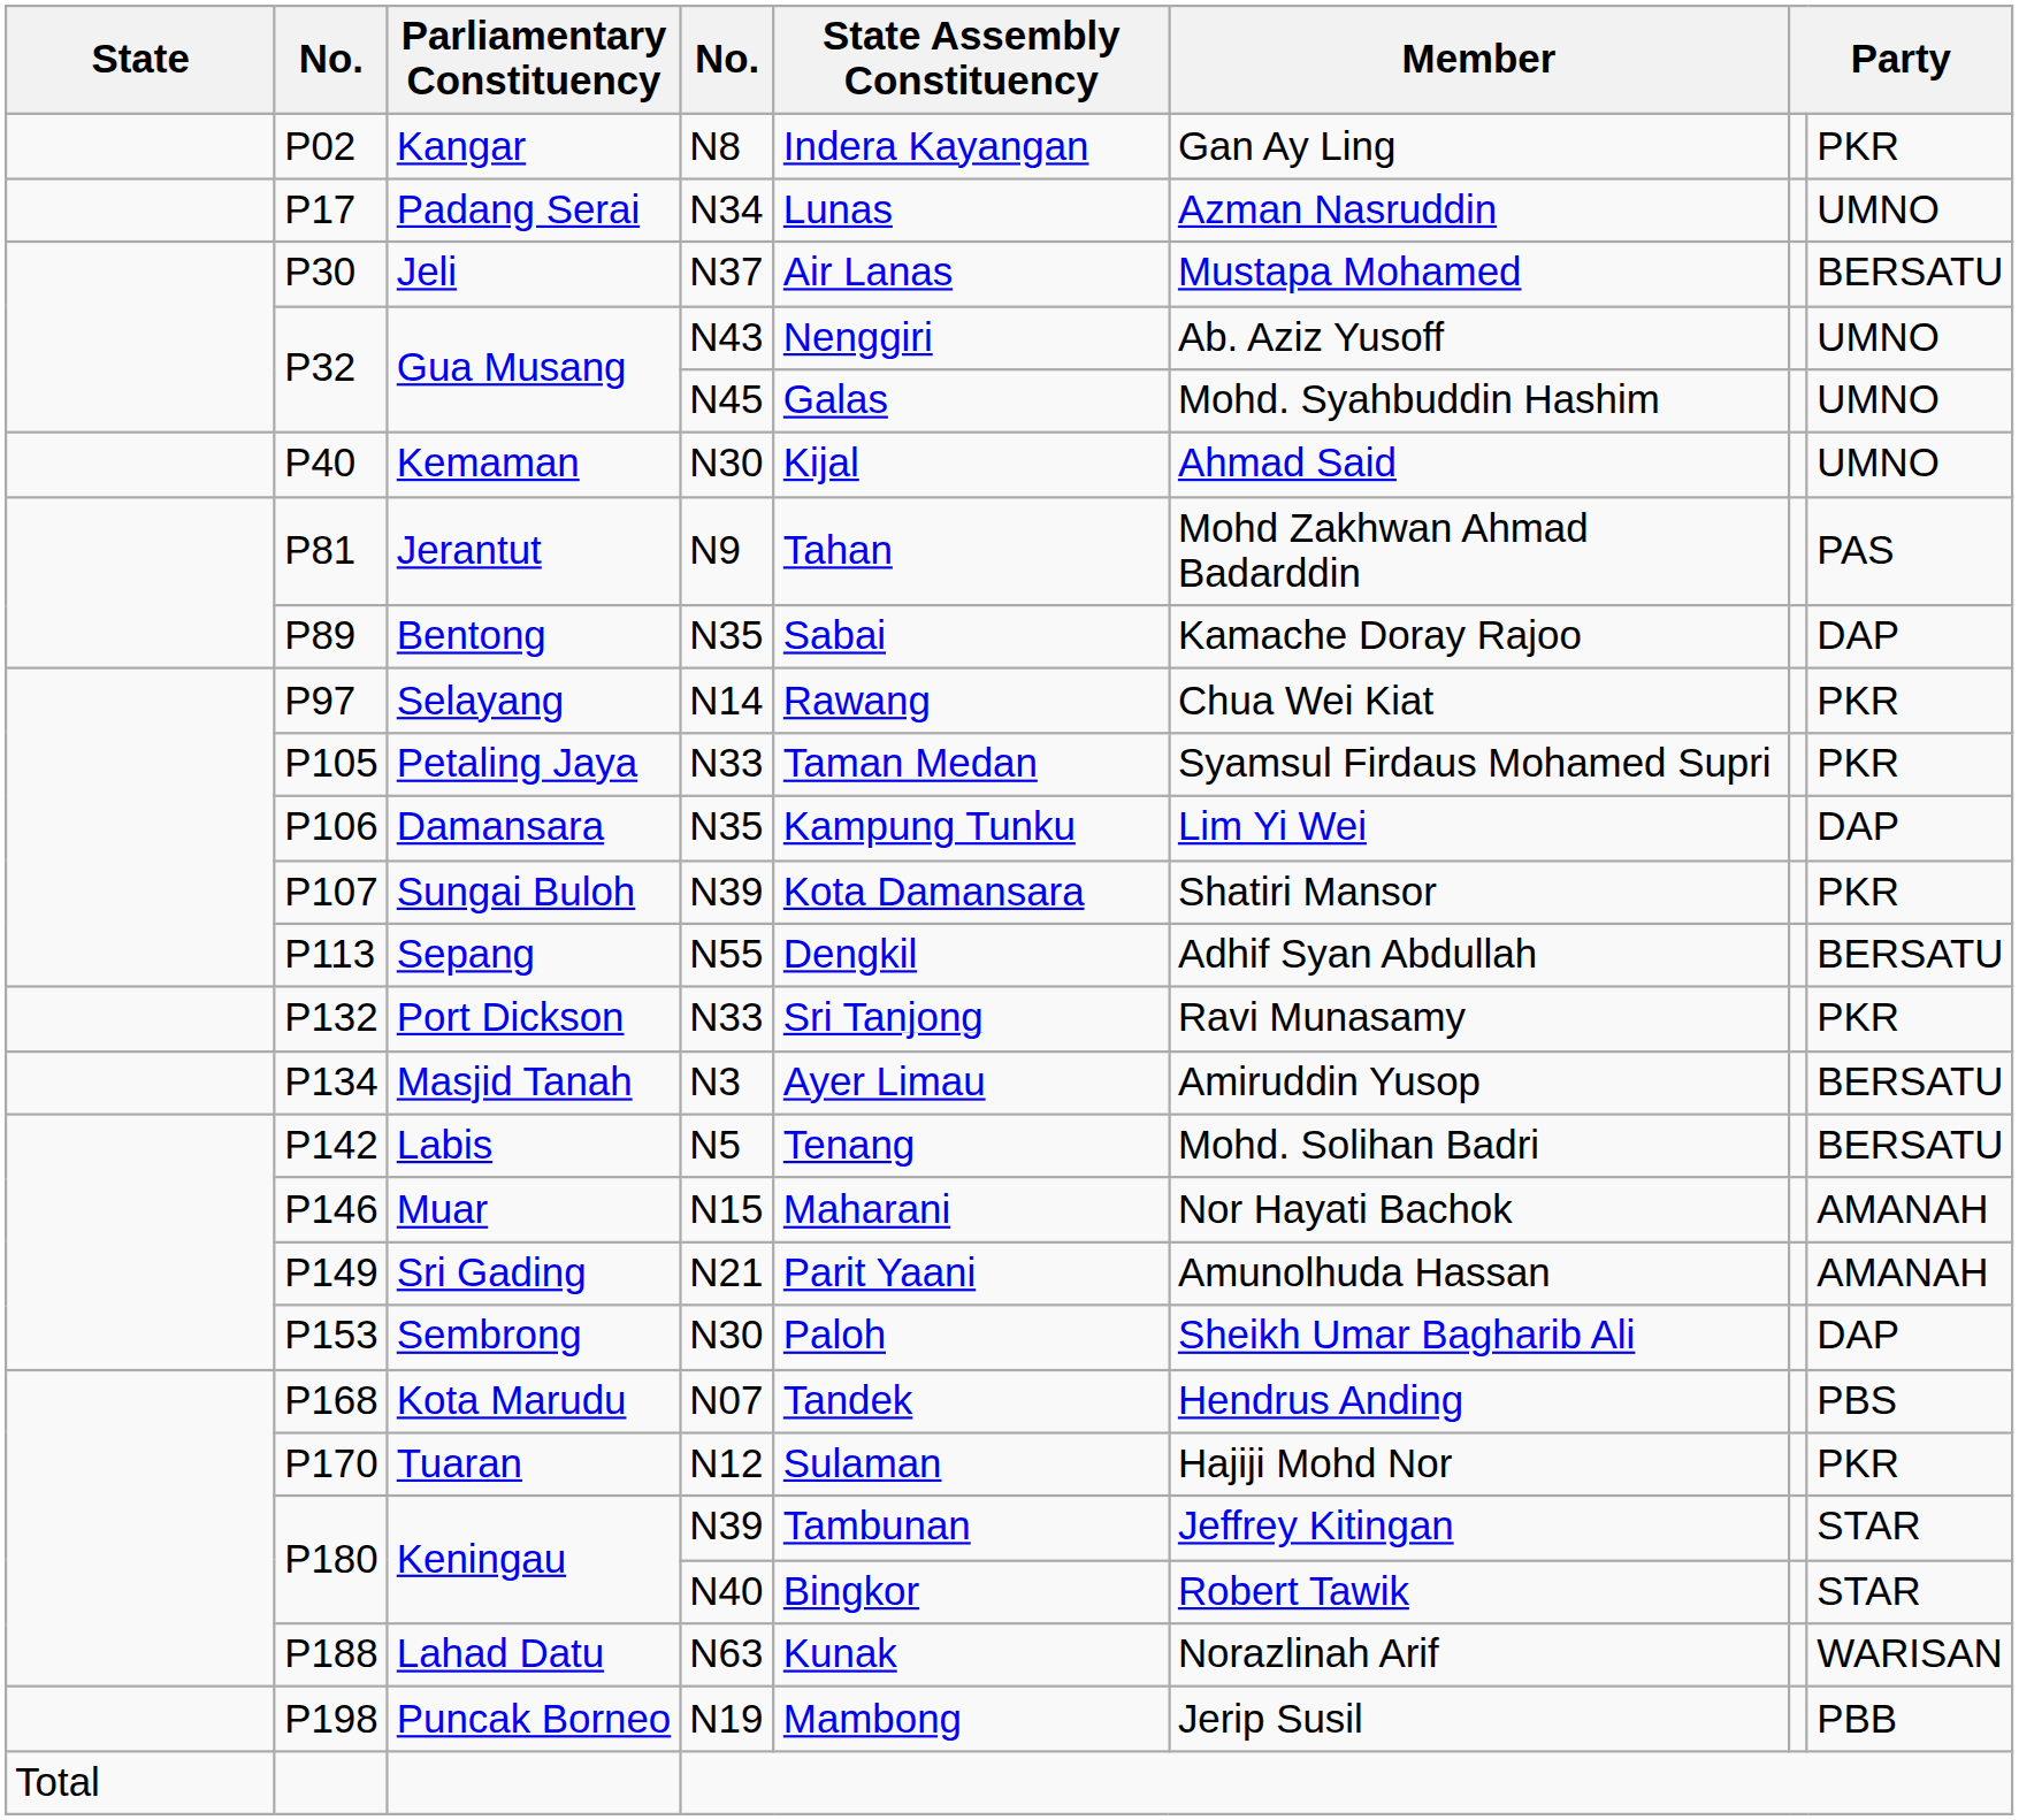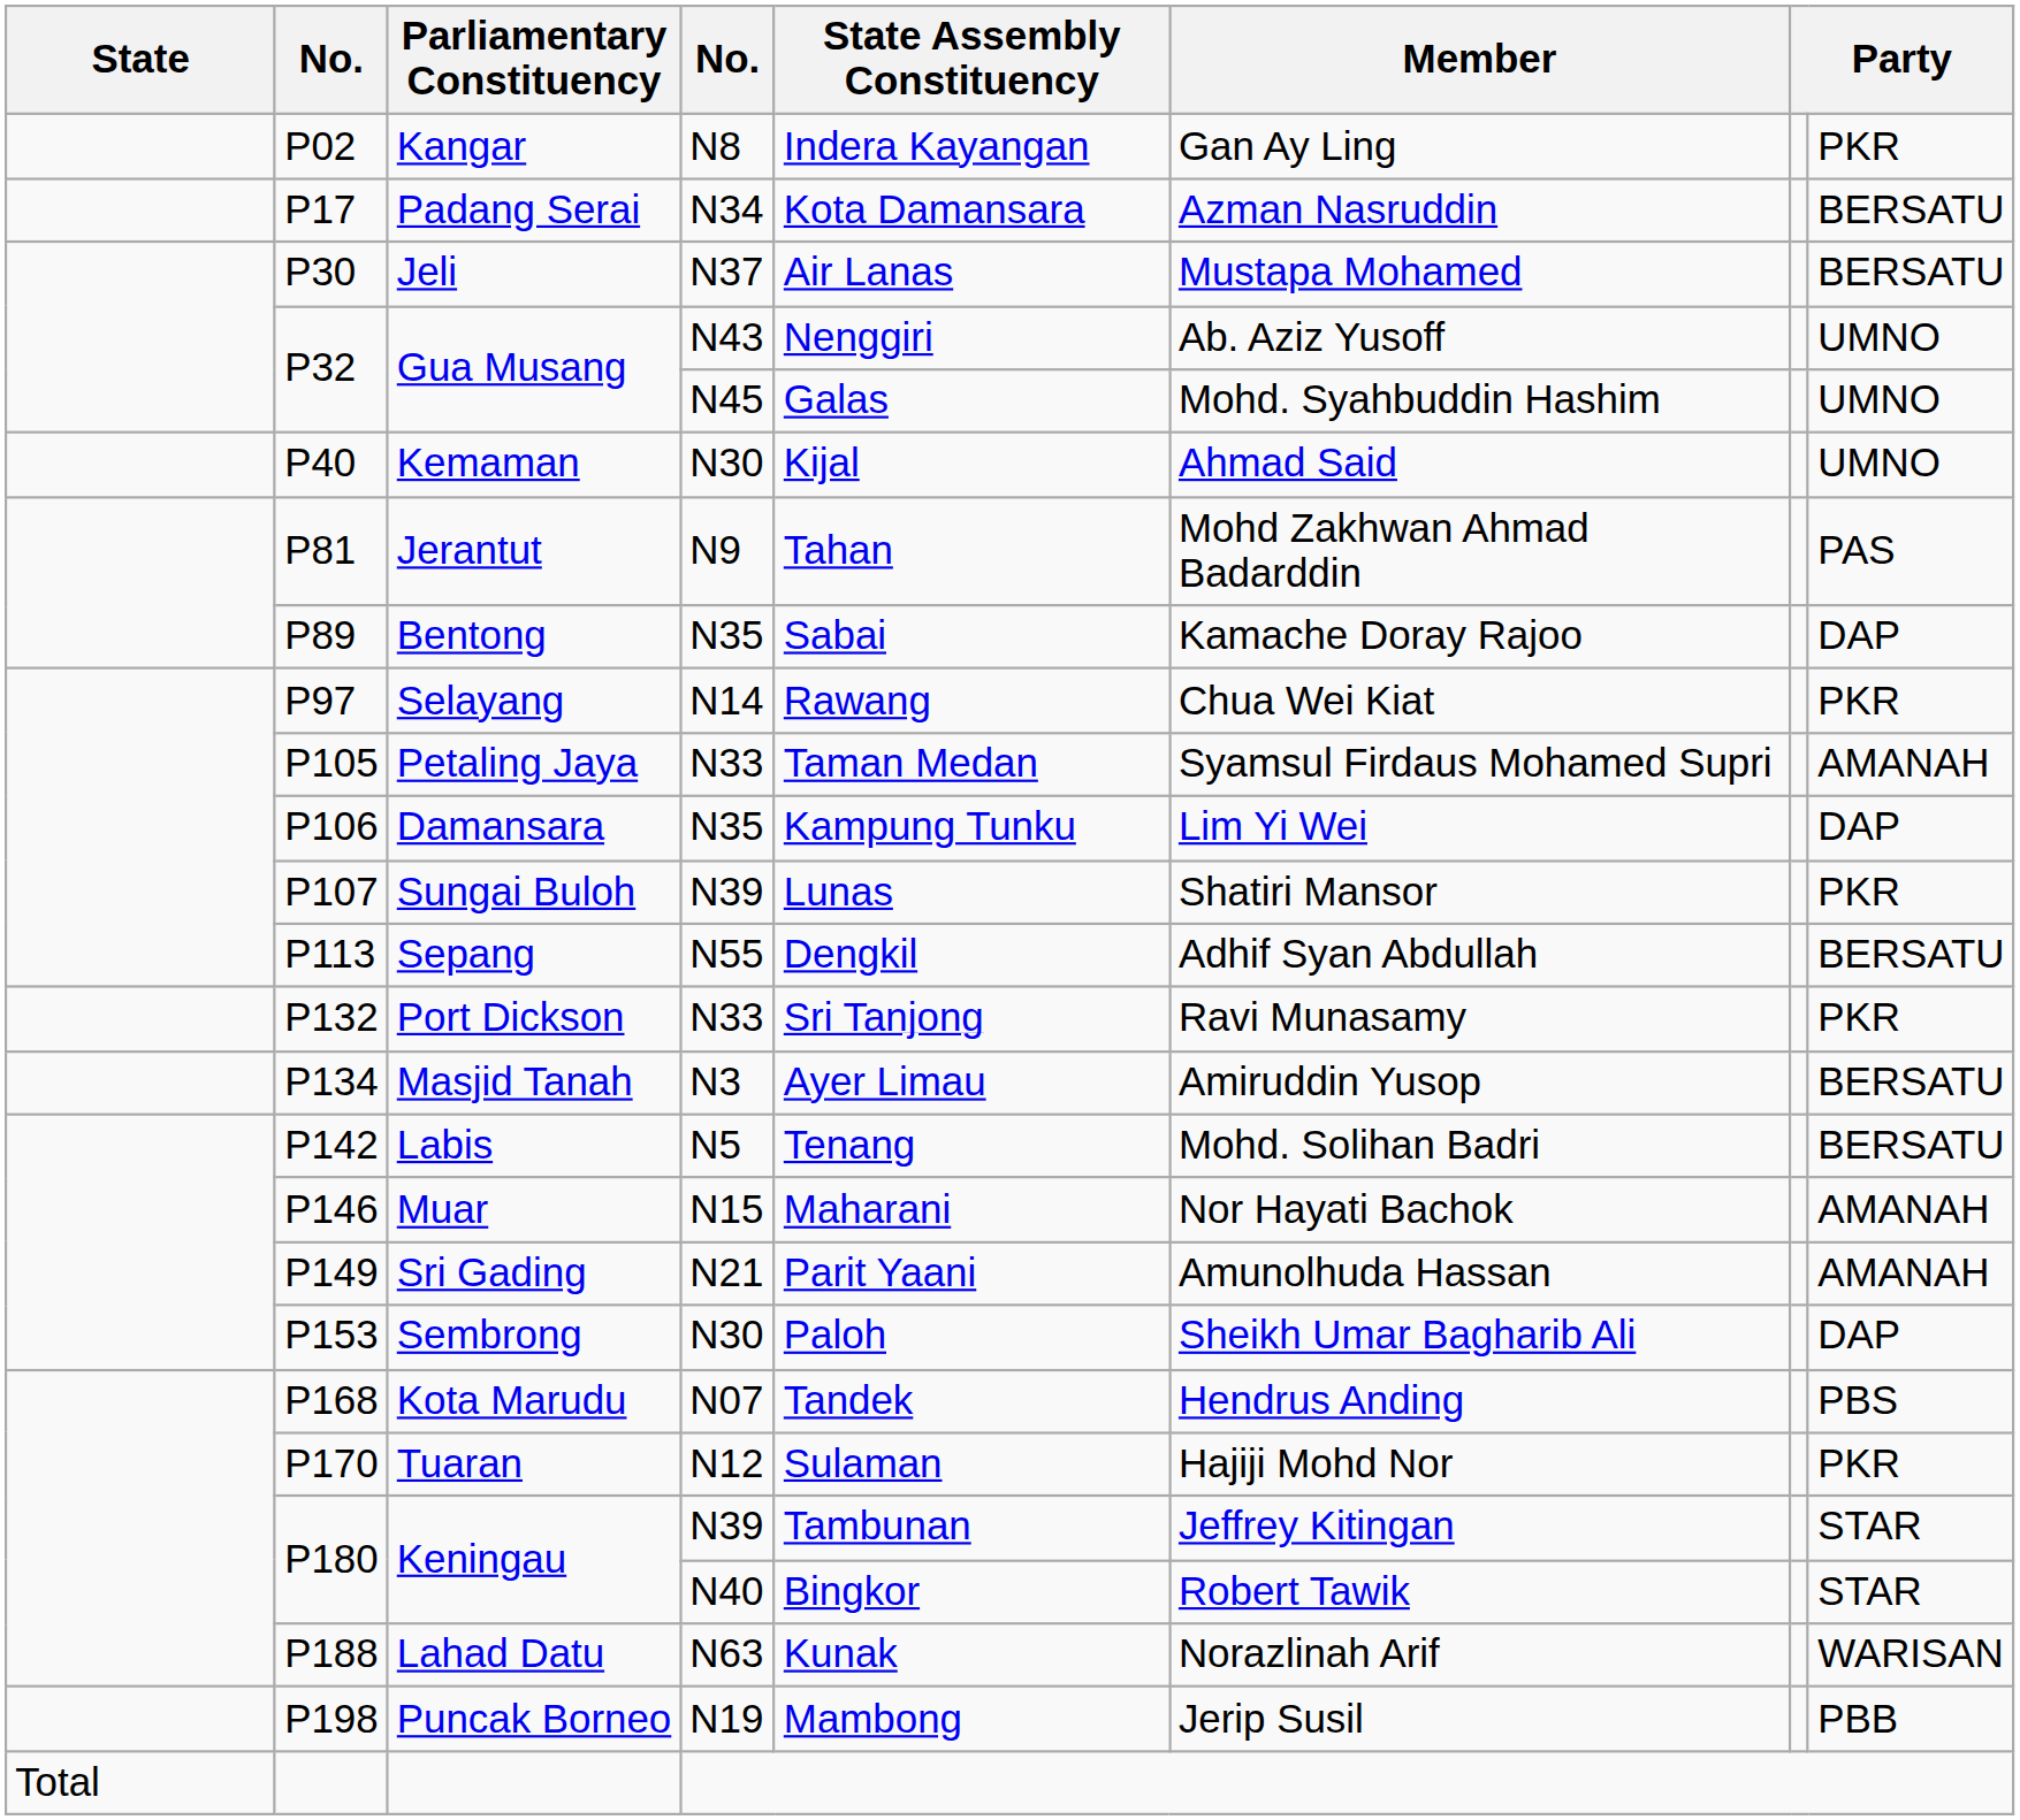 <table class ="wikitable sortable">
 <tr>
 <th style="width:100px;">State</th>
 <th>No.</th>
 <th>Parliamentary<br>Constituency</th>
 <th style="width:30px;">No.</th>
 <th style="width:150px;">State Assembly Constituency</th>
 <th style="width:240px;">Member</th>
 <th style="width:80px;" colspan=2>Party</th>
 </tr>
 <tr>
 <td rowspan="1"></td>
 <td rowspan="1">P02</td>
 <td rowspan="1"><a href='#'>Kangar</a></td>
 <td>N8</td>
 <td><a href='#'>Indera Kayangan</a></td>
 <td>Gan Ay Ling</td>
 <td></td>
 <td>PKR</td>
 </tr>
 <tr>
 <td rowspan="1"></td>
 <td rowspan="1">P17</td>
 <td rowspan="1"><a href='#'>Padang Serai</a></td>
 <td>N34</td>
-<td><a href='#'>Lunas</a></td>
+<td><a href='#'>Kota Damansara</a></td>
 <td><a href='#'>Azman Nasruddin</a></td>
 <td></td>
-<td>UMNO</td>
+<td>BERSATU</td>
 </tr>
 <tr>
 <td rowspan="3"></td>
 <td>P30</td>
 <td><a href='#'>Jeli</a></td>
 <td>N37</td>
 <td><a href='#'>Air Lanas</a></td>
 <td><a href='#'>Mustapa Mohamed</a></td>
 <td></td>
 <td>BERSATU</td>
 </tr>
 <tr>
 <td rowspan="2">P32</td>
 <td rowspan="2"><a href='#'>Gua Musang</a></td>
 <td>N43</td>
 <td><a href='#'>Nenggiri</a></td>
 <td>Ab. Aziz Yusoff</td>
 <td></td>
 <td>UMNO</td>
 </tr>
 <tr>
 <td>N45</td>
 <td><a href='#'>Galas</a></td>
 <td>Mohd. Syahbuddin Hashim</td>
 <td></td>
 <td>UMNO</td>
 </tr>
 <tr>
 <td rowspan="1"></td>
 <td>P40</td>
 <td><a href='#'>Kemaman</a></td>
 <td>N30</td>
 <td><a href='#'>Kijal</a></td>
 <td><a href='#'>Ahmad Said</a></td>
 <td></td>
 <td>UMNO</td>
 </tr>
 <tr>
 <td rowspan=2></td>
 <td rowspan="1">P81</td>
 <td rowspan="1"><a href='#'>Jerantut</a></td>
 <td>N9</td>
 <td><a href='#'>Tahan</a></td>
 <td>Mohd Zakhwan Ahmad Badarddin</td>
 <td></td>
 <td>PAS</td>
 </tr>
 <tr>
 <td rowspan="1">P89</td>
 <td rowspan="1"><a href='#'>Bentong</a></td>
 <td>N35</td>
 <td><a href='#'>Sabai</a></td>
 <td>Kamache Doray Rajoo</td>
 <td></td>
 <td>DAP</td>
 </tr>
 <tr>
 <td rowspan="5"></td>
 <td rowspan="1">P97</td>
 <td rowspan="1"><a href='#'>Selayang</a></td>
 <td>N14</td>
 <td><a href='#'>Rawang</a></td>
 <td>Chua Wei Kiat</td>
 <td></td>
 <td>PKR</td>
 </tr>
 <tr>
 <td rowspan="1">P105</td>
 <td rowspan="1"><a href='#'>Petaling Jaya</a></td>
 <td>N33</td>
 <td><a href='#'>Taman Medan</a></td>
 <td>Syamsul Firdaus Mohamed Supri</td>
 <td></td>
-<td>PKR</td>
+<td>AMANAH</td>
 </tr>
 <tr>
 <td rowspan="1">P106</td>
 <td rowspan="1"><a href='#'>Damansara</a></td>
 <td>N35</td>
 <td><a href='#'>Kampung Tunku</a></td>
 <td><a href='#'>Lim Yi Wei</a></td>
 <td></td>
 <td>DAP</td>
 </tr>
 <tr>
 <td rowspan="1">P107</td>
 <td rowspan="1"><a href='#'>Sungai Buloh</a></td>
 <td>N39</td>
-<td><a href='#'>Kota Damansara</a></td>
+<td><a href='#'>Lunas</a></td>
 <td>Shatiri Mansor</td>
 <td></td>
 <td>PKR</td>
 </tr>
 <tr>
 <td>P113</td>
 <td><a href='#'>Sepang</a></td>
 <td>N55</td>
 <td><a href='#'>Dengkil</a></td>
 <td>Adhif Syan Abdullah</td>
 <td></td>
 <td>BERSATU</td>
 </tr>
 <tr>
 <td rowspan="1"></td>
 <td rowspan="1">P132</td>
 <td rowspan="1"><a href='#'>Port Dickson</a></td>
 <td>N33</td>
 <td><a href='#'>Sri Tanjong</a></td>
 <td>Ravi Munasamy</td>
 <td></td>
 <td>PKR</td>
 </tr>
 <tr>
 <td rowspan="1"></td>
 <td>P134</td>
 <td><a href='#'>Masjid Tanah</a></td>
 <td>N3</td>
 <td><a href='#'>Ayer Limau</a></td>
 <td>Amiruddin Yusop</td>
 <td></td>
 <td>BERSATU</td>
 </tr>
 <tr>
 <td rowspan="4"></td>
 <td>P142</td>
 <td><a href='#'>Labis</a></td>
 <td>N5</td>
 <td><a href='#'>Tenang</a></td>
 <td>Mohd. Solihan Badri</td>
 <td></td>
 <td>BERSATU</td>
 </tr>
 <tr>
 <td>P146</td>
 <td><a href='#'>Muar</a></td>
 <td>N15</td>
 <td><a href='#'>Maharani</a></td>
 <td>Nor Hayati Bachok</td>
 <td></td>
 <td>AMANAH</td>
 </tr>
 <tr>
 <td>P149</td>
 <td><a href='#'>Sri Gading</a></td>
 <td>N21</td>
 <td><a href='#'>Parit Yaani</a></td>
 <td>Amunolhuda Hassan</td>
 <td></td>
 <td>AMANAH</td>
 </tr>
 <tr>
 <td>P153</td>
 <td><a href='#'>Sembrong</a></td>
 <td>N30</td>
 <td><a href='#'>Paloh</a></td>
 <td><a href='#'>Sheikh Umar Bagharib Ali</a></td>
 <td></td>
 <td>DAP</td>
 </tr>
 <tr>
 <td rowspan=5></td>
 <td rowspan="1">P168</td>
 <td rowspan="1"><a href='#'>Kota Marudu</a></td>
 <td>N07</td>
 <td><a href='#'>Tandek</a></td>
 <td><a href='#'>Hendrus Anding</a></td>
 <td></td>
 <td>PBS</td>
 </tr>
 <tr>
 <td>P170</td>
 <td><a href='#'>Tuaran</a></td>
 <td>N12</td>
 <td><a href='#'>Sulaman</a></td>
 <td>Hajiji Mohd Nor</td>
 <td></td>
 <td>PKR</td>
 </tr>
 <tr>
 <td rowspan="2">P180</td>
 <td rowspan="2"><a href='#'>Keningau</a></td>
 <td>N39</td>
 <td><a href='#'>Tambunan</a></td>
 <td><a href='#'>Jeffrey Kitingan</a></td>
 <td></td>
 <td>STAR</td>
 </tr>
 <tr>
 <td>N40</td>
 <td><a href='#'>Bingkor</a></td>
 <td><a href='#'>Robert Tawik</a></td>
 <td></td>
 <td>STAR</td>
 </tr>
 <tr>
 <td>P188</td>
 <td><a href='#'>Lahad Datu</a></td>
 <td>N63</td>
 <td><a href='#'>Kunak</a></td>
 <td>Norazlinah Arif</td>
 <td></td>
 <td>WARISAN</td>
 </tr>
 <tr>
 <td rowspan="1"></td>
 <td rowspan="1">P198</td>
 <td rowspan="1"><a href='#'>Puncak Borneo</a></td>
 <td>N19</td>
 <td><a href='#'>Mambong</a></td>
 <td>Jerip Susil</td>
 <td style="background:"></td>
 <td>PBB</td>
 </tr>
 <tr>
 <td>Total</td>
 <td></td>
 <td></td>
 <td colspan="5" style="width:30px;"></td>
 </tr>
 </table>
